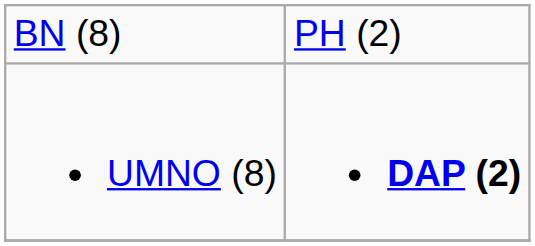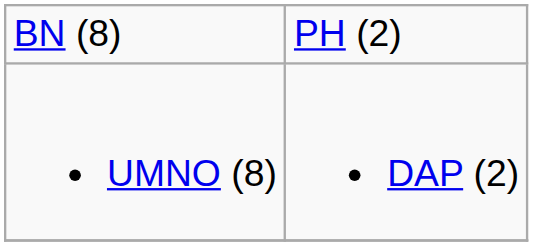 <table class="wikitable">
 <tr>
 <td> <a href='#'>BN</a> (8)</td>
 <td> <a href='#'>PH</a> (2)</td>
 </tr>
 <tr>
 <td><br><ul><li> <a href='#'>UMNO</a> (8)</li></ul></td>
-<td><strong><br><ul><li> <a href='#'>DAP</a> (2)</li></ul></strong></td>
+<td><br><ul><li> <a href='#'>DAP</a> (2)</li></ul></td>
 </tr>
 <tr>
 </tr>
 </table>
